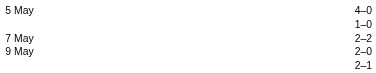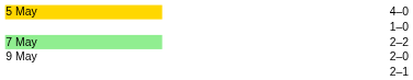 <table cellspacing=1 width=70%>
 <tr>
 <th width=25%></th>
 <th width=30%></th>
 <th width=15%></th>
 <th width=30%></th>
 </tr>
 <tr>
-<td>5 May</td>
+<td style="background: gold;">5 May</td>
 <td align=right></td>
 <td align=center>4–0</td>
 <td></td>
 </tr>
 <tr>
 <td></td>
 <td align=right></td>
 <td align=center>1–0</td>
 <td></td>
 </tr>
 <tr>
-<td>7 May</td>
+<td style="background: lightgreen;">7 May</td>
 <td align=right></td>
 <td align=center>2–2</td>
 <td></td>
 </tr>
 <tr>
 <td>9 May</td>
 <td align=right></td>
 <td align=center>2–0</td>
 <td></td>
 </tr>
 <tr>
 <td></td>
 <td align=right></td>
 <td align=center>2–1</td>
 <td></td>
 </tr>
 </table>
